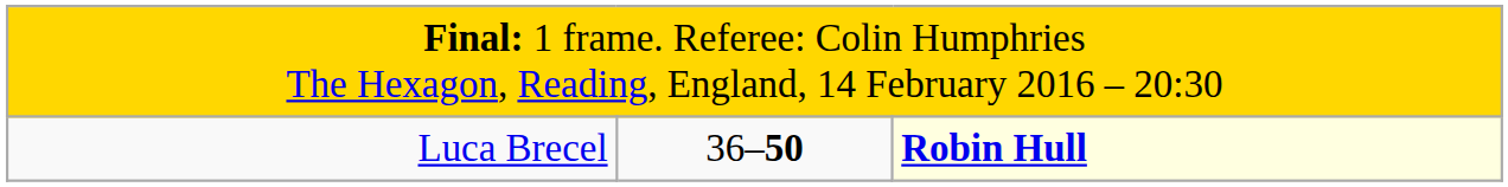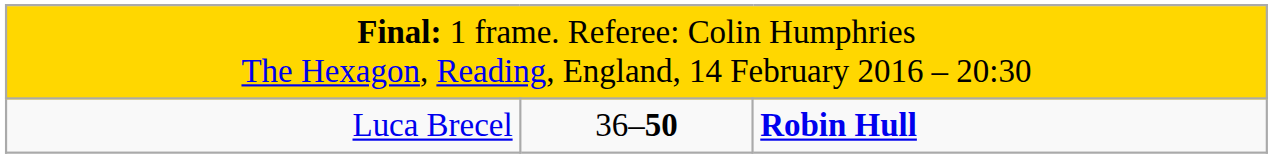 <table class="wikitable" style="font-size: 95%; margin: 1em auto 1em auto;">
 <tr>
 <td colspan="3" align="center" bgcolor="#ffd700"><strong>Final:</strong> 1 frame. Referee: Colin Humphries<br> <a href='#'>The Hexagon</a>, <a href='#'>Reading</a>, England, 14 February 2016 – 20:30</td>
 </tr>
 <tr>
 <td width="230" align="right"><a href='#'>Luca Brecel</a><br></td>
 <td width="100" align="center">36–<strong>50</strong></td>
-<td width="230" style="background: lightyellow;"><strong><a href='#'>Robin Hull</a></strong><br></td>
+<td width="230"><strong><a href='#'>Robin Hull</a></strong><br></td>
 </tr>
 </table>
